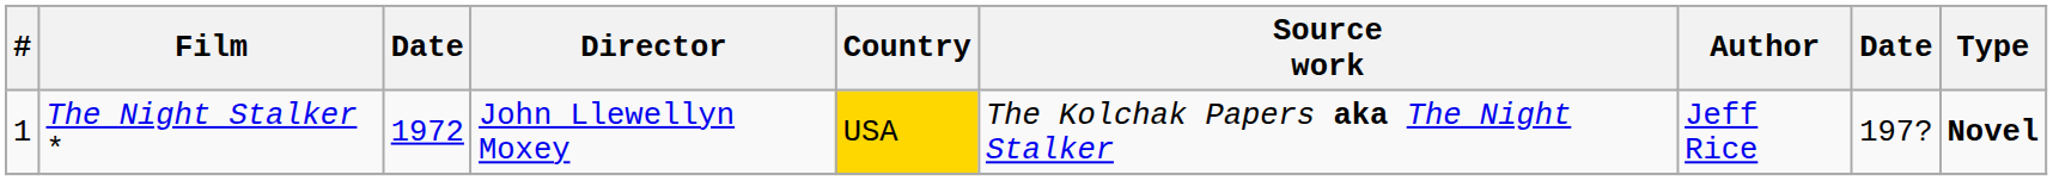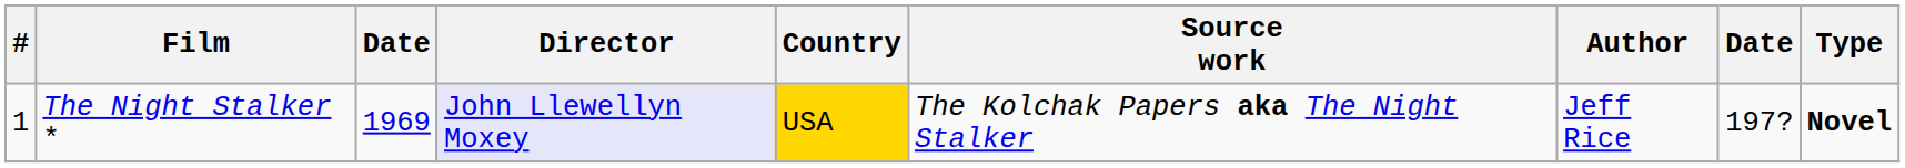 <table class="wikitable">
 <tr>
 <th>#</th>
 <th>Film</th>
 <th>Date</th>
 <th>Director</th>
 <th>Country</th>
 <th>Source<br>work</th>
 <th>Author</th>
 <th>Date</th>
 <th>Type</th>
 </tr>
 <tr>
 <td>1</td>
 <td><em><a href='#'>The Night Stalker</a></em> *</td>
-<td><a href='#'>1972</a></td>
-<td><a href='#'>John Llewellyn Moxey</a></td>
+<td><a href='#'>1969</a></td>
+<td style="background: lavender;"><a href='#'>John Llewellyn Moxey</a></td>
 <td style="background: gold;">USA</td>
 <td><em>The Kolchak Papers</em> <strong>aka</strong> <em><a href='#'>The Night Stalker</a></em></td>
 <td><a href='#'>Jeff Rice</a></td>
 <td>197?</td>
 <td><strong>Novel</strong></td>
 </tr>
 <tr>
 </tr>
 </table>
